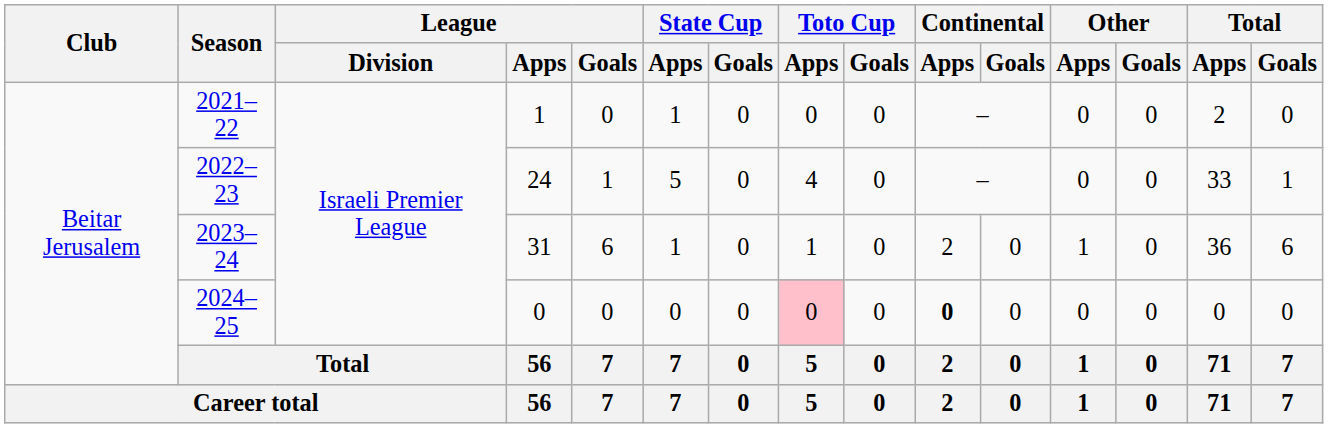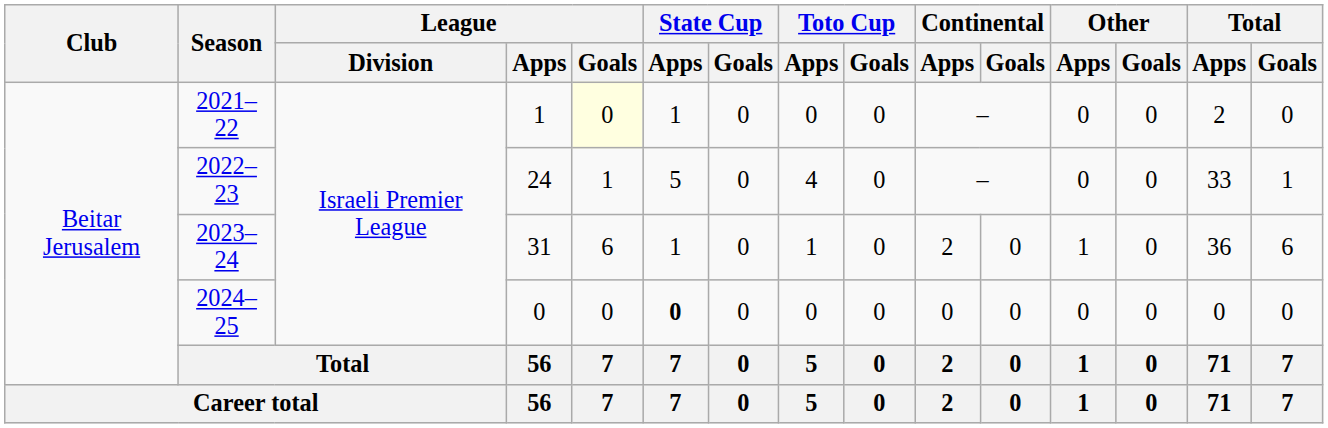 <table class="wikitable" style="text-align: center">
 <tr>
 <th rowspan="2">Club</th>
 <th rowspan="2">Season</th>
 <th colspan="3">League</th>
 <th colspan="2"><a href='#'>State Cup</a></th>
 <th colspan="2"><a href='#'>Toto Cup</a></th>
 <th colspan="2">Continental</th>
 <th colspan="2">Other</th>
 <th colspan="2">Total</th>
 </tr>
 <tr>
 <th>Division</th>
 <th>Apps</th>
 <th>Goals</th>
 <th>Apps</th>
 <th>Goals</th>
 <th>Apps</th>
 <th>Goals</th>
 <th>Apps</th>
 <th>Goals</th>
 <th>Apps</th>
 <th>Goals</th>
 <th>Apps</th>
 <th>Goals</th>
 </tr>
 <tr>
 <td rowspan="5"><a href='#'>Beitar Jerusalem</a></td>
 <td><a href='#'>2021–22</a></td>
 <td rowspan="4"><a href='#'>Israeli Premier League</a></td>
 <td>1</td>
-<td>0</td>
+<td style="background: lightyellow;">0</td>
 <td>1</td>
 <td>0</td>
 <td>0</td>
 <td>0</td>
 <td colspan="2">–</td>
 <td>0</td>
 <td>0</td>
 <td>2</td>
 <td>0</td>
 </tr>
 <tr>
 <td><a href='#'>2022–23</a></td>
 <td>24</td>
 <td>1</td>
 <td>5</td>
 <td>0</td>
 <td>4</td>
 <td>0</td>
 <td colspan="2">–</td>
 <td>0</td>
 <td>0</td>
 <td>33</td>
 <td>1</td>
 </tr>
 <tr>
 <td><a href='#'>2023–24</a></td>
 <td>31</td>
 <td>6</td>
 <td>1</td>
 <td>0</td>
 <td>1</td>
 <td>0</td>
 <td>2</td>
 <td>0</td>
 <td>1</td>
 <td>0</td>
 <td>36</td>
 <td>6</td>
 </tr>
 <tr>
 <td><a href='#'>2024–25</a></td>
 <td>0</td>
 <td>0</td>
+<td><strong>0</strong></td>
 <td>0</td>
 <td>0</td>
-<td style="background: pink;">0</td>
 <td>0</td>
-<td><strong>0</strong></td>
+<td>0</td>
 <td>0</td>
 <td>0</td>
 <td>0</td>
 <td>0</td>
 <td>0</td>
 </tr>
 <tr>
 <th colspan="2"><strong>Total</strong></th>
 <th>56</th>
 <th>7</th>
 <th>7</th>
 <th>0</th>
 <th>5</th>
 <th>0</th>
 <th>2</th>
 <th>0</th>
 <th>1</th>
 <th>0</th>
 <th>71</th>
 <th>7</th>
 </tr>
 <tr>
 <th colspan="3"><strong>Career total</strong></th>
 <th>56</th>
 <th>7</th>
 <th>7</th>
 <th>0</th>
 <th>5</th>
 <th>0</th>
 <th>2</th>
 <th>0</th>
 <th>1</th>
 <th>0</th>
 <th>71</th>
 <th>7</th>
 </tr>
 </table>
